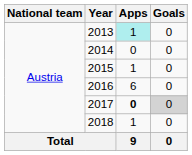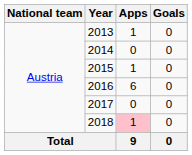 <table class="wikitable" style="text-align:center">
 <tr>
 <th>National team</th>
 <th>Year</th>
 <th>Apps</th>
 <th>Goals</th>
 </tr>
 <tr>
 <td rowspan="6"><a href='#'>Austria</a></td>
 <td>2013</td>
-<td style="background: paleturquoise;">1</td>
+<td>1</td>
 <td>0</td>
 </tr>
 <tr>
 <td>2014</td>
 <td>0</td>
 <td>0</td>
 </tr>
 <tr>
 <td>2015</td>
 <td>1</td>
 <td>0</td>
 </tr>
 <tr>
 <td>2016</td>
 <td>6</td>
 <td>0</td>
 </tr>
 <tr>
 <td>2017</td>
-<td><strong>0</strong></td>
-<td style="background: lightgrey;">0</td>
+<td>0</td>
+<td>0</td>
 </tr>
 <tr>
 <td>2018</td>
-<td>1</td>
+<td style="background: pink;">1</td>
 <td>0</td>
 </tr>
 <tr>
 <th colspan="2">Total</th>
 <th>9</th>
 <th>0</th>
 </tr>
 </table>
